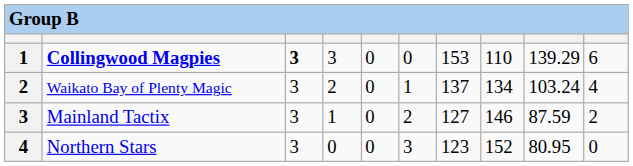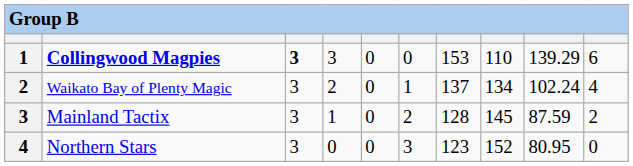 <table class="wikitable collapsible" border="1">
 <tr>
 <td colspan=11 style="background-color:#ABCDEF"><strong>Group B</strong></td>
 </tr>
 <tr>
 <th width="25"></th>
 <th width="200"></th>
 <th width="25"></th>
 <th width="25"></th>
 <th width="25"></th>
 <th width="25"></th>
 <th width="30"></th>
 <th width="30"></th>
 <th width="30"></th>
 <th width="30"></th>
 </tr>
 <tr style="background:#">
 <th>1</th>
 <td style="text-align:left;"> <strong><a href='#'>Collingwood Magpies</a></strong></td>
 <td><strong>3</strong></td>
 <td>3</td>
 <td>0</td>
 <td>0</td>
 <td>153</td>
 <td>110</td>
 <td>139.29</td>
 <td>6</td>
 </tr>
 <tr style="background:#">
 <th>2</th>
 <td style="text-align:left;"> <small><a href='#'>Waikato Bay of Plenty Magic</a></small></td>
 <td>3</td>
 <td>2</td>
 <td>0</td>
 <td>1</td>
 <td>137</td>
 <td>134</td>
-<td>103.24</td>
+<td>102.24</td>
 <td>4</td>
 </tr>
 <tr style="background:#">
 <th>3</th>
 <td style="text-align:left;"> <a href='#'>Mainland Tactix</a></td>
 <td>3</td>
 <td>1</td>
 <td>0</td>
 <td>2</td>
-<td>127</td>
-<td>146</td>
+<td>128</td>
+<td>145</td>
 <td>87.59</td>
 <td>2</td>
 </tr>
 <tr style="background:#">
 <th>4</th>
 <td style="text-align:left;"> <a href='#'>Northern Stars</a></td>
 <td>3</td>
 <td>0</td>
 <td>0</td>
 <td>3</td>
 <td>123</td>
 <td>152</td>
 <td>80.95</td>
 <td>0</td>
 </tr>
 </table>
